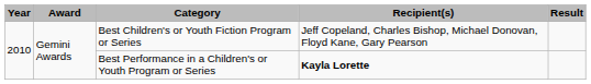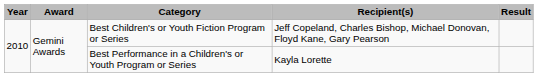 <table class="wikitable">
 <tr>
 <th style="background:#bcbcbc;">Year</th>
 <th style="background:#bcbcbc;">Award</th>
 <th style="background:#bcbcbc;">Category</th>
 <th style="background:#bcbcbc;">Recipient(s)</th>
 <th style="background:#bcbcbc;">Result</th>
 </tr>
 <tr>
 <td rowspan="2">2010</td>
 <td rowspan="2">Gemini Awards</td>
 <td>Best Children's or Youth Fiction Program or Series</td>
 <td>Jeff Copeland, Charles Bishop, Michael Donovan, Floyd Kane, Gary Pearson</td>
 <td></td>
 </tr>
 <tr>
 <td>Best Performance in a Children's or Youth Program or Series</td>
-<td><strong>Kayla Lorette</strong></td>
+<td>Kayla Lorette</td>
 <td></td>
 </tr>
 </table>
